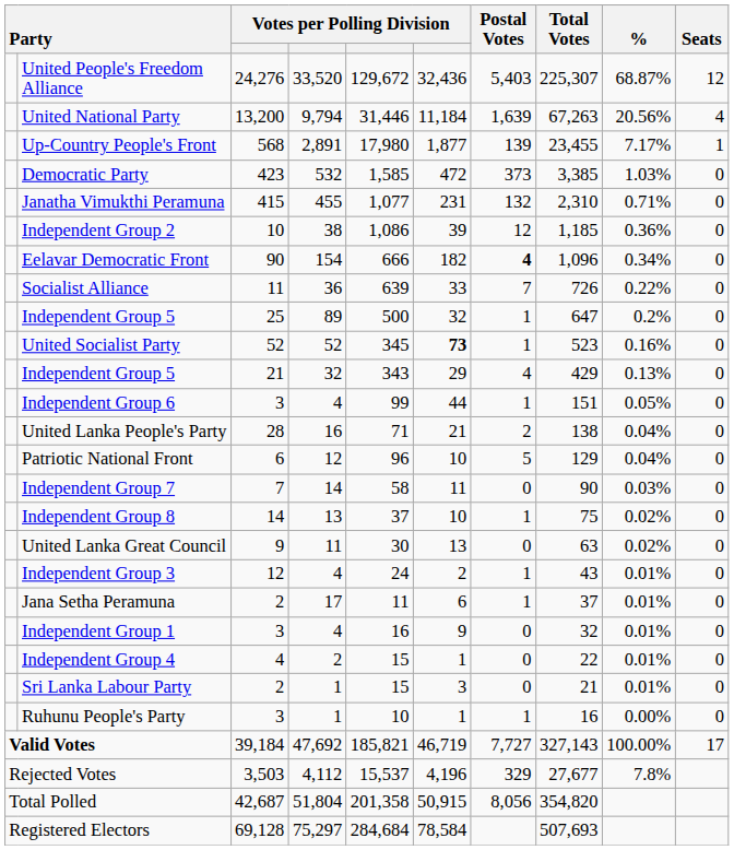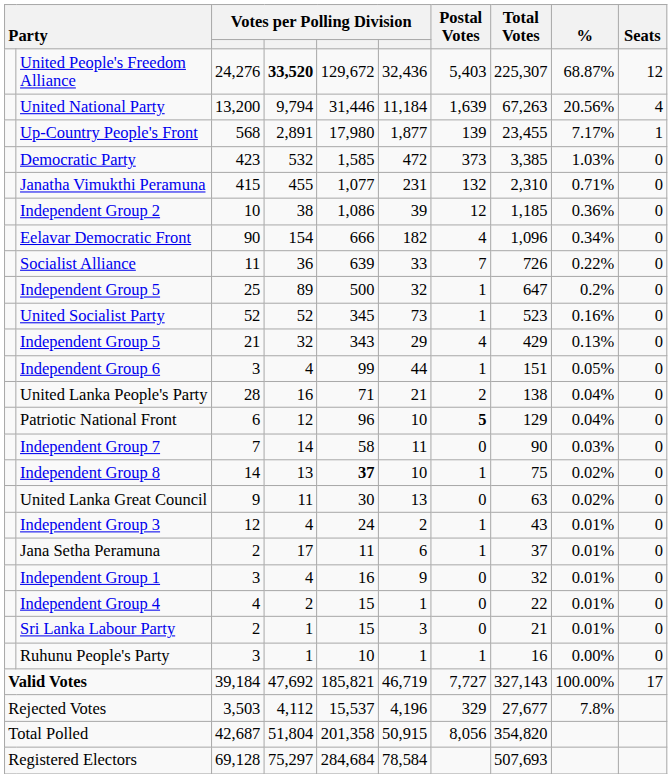 <table class="wikitable" border="1" style="text-align:right;">
 <tr>
 <th style="text-align:left; vertical-align:bottom;" rowspan="2" colspan="2">Party</th>
 <th colspan=4>Votes per Polling Division</th>
 <th rowspan="2" style="vertical-align:bottom; text-align:center; width:50px;">Postal<br>Votes</th>
 <th rowspan="2" style="vertical-align:bottom; text-align:center; width:50px;">Total Votes</th>
 <th rowspan="2" style="vertical-align:bottom; text-align:center; width:50px;">%</th>
 <th rowspan="2" style="vertical-align:bottom; text-align:center; width:40px;">Seats</th>
 </tr>
 <tr>
 <th></th>
 <th></th>
 <th></th>
 <th></th>
 </tr>
 <tr>
 <td bgcolor=> </td>
 <td align=left><a href='#'>United People's Freedom<br>Alliance</a></td>
 <td>24,276</td>
-<td>33,520</td>
+<td><strong>33,520</strong></td>
 <td>129,672</td>
 <td>32,436</td>
 <td>5,403</td>
 <td>225,307</td>
 <td>68.87%</td>
 <td>12</td>
 </tr>
 <tr>
 <td bgcolor=> </td>
 <td align=left><a href='#'>United National Party</a></td>
 <td>13,200</td>
 <td>9,794</td>
 <td>31,446</td>
 <td>11,184</td>
 <td>1,639</td>
 <td>67,263</td>
 <td>20.56%</td>
 <td>4</td>
 </tr>
 <tr>
 <td bgcolor=> </td>
 <td align=left><a href='#'>Up-Country People's Front</a></td>
 <td>568</td>
 <td>2,891</td>
 <td>17,980</td>
 <td>1,877</td>
 <td>139</td>
 <td>23,455</td>
 <td>7.17%</td>
 <td>1</td>
 </tr>
 <tr>
 <td bgcolor=> </td>
 <td align=left><a href='#'>Democratic Party</a></td>
 <td>423</td>
 <td>532</td>
 <td>1,585</td>
 <td>472</td>
 <td>373</td>
 <td>3,385</td>
 <td>1.03%</td>
 <td>0</td>
 </tr>
 <tr>
 <td bgcolor=> </td>
 <td align=left><a href='#'>Janatha Vimukthi Peramuna</a></td>
 <td>415</td>
 <td>455</td>
 <td>1,077</td>
 <td>231</td>
 <td>132</td>
 <td>2,310</td>
 <td>0.71%</td>
 <td>0</td>
 </tr>
 <tr>
 <td bgcolor=> </td>
 <td align=left><a href='#'>Independent Group 2</a></td>
 <td>10</td>
 <td>38</td>
 <td>1,086</td>
 <td>39</td>
 <td>12</td>
 <td>1,185</td>
 <td>0.36%</td>
 <td>0</td>
 </tr>
 <tr>
 <td bgcolor=> </td>
 <td align=left><a href='#'>Eelavar Democratic Front</a></td>
 <td>90</td>
 <td>154</td>
 <td>666</td>
 <td>182</td>
-<td><strong>4</strong></td>
+<td>4</td>
 <td>1,096</td>
 <td>0.34%</td>
 <td>0</td>
 </tr>
 <tr>
 <td bgcolor=> </td>
 <td align=left><a href='#'>Socialist Alliance</a></td>
 <td>11</td>
 <td>36</td>
 <td>639</td>
 <td>33</td>
 <td>7</td>
 <td>726</td>
 <td>0.22%</td>
 <td>0</td>
 </tr>
 <tr>
 <td bgcolor=> </td>
 <td align=left><a href='#'>Independent Group 5</a></td>
 <td>25</td>
 <td>89</td>
 <td>500</td>
 <td>32</td>
 <td>1</td>
 <td>647</td>
 <td>0.2%</td>
 <td>0</td>
 </tr>
 <tr>
 <td bgcolor=> </td>
 <td align=left><a href='#'>United Socialist Party</a></td>
 <td>52</td>
 <td>52</td>
 <td>345</td>
-<td><strong>73</strong></td>
+<td>73</td>
 <td>1</td>
 <td>523</td>
 <td>0.16%</td>
 <td>0</td>
 </tr>
 <tr>
 <td bgcolor=> </td>
 <td align=left><a href='#'>Independent Group 5</a></td>
 <td>21</td>
 <td>32</td>
 <td>343</td>
 <td>29</td>
 <td>4</td>
 <td>429</td>
 <td>0.13%</td>
 <td>0</td>
 </tr>
 <tr>
 <td bgcolor=> </td>
 <td align=left><a href='#'>Independent Group 6</a></td>
 <td>3</td>
 <td>4</td>
 <td>99</td>
 <td>44</td>
 <td>1</td>
 <td>151</td>
 <td>0.05%</td>
 <td>0</td>
 </tr>
 <tr>
 <td bgcolor=> </td>
 <td align=left>United Lanka People's Party</td>
 <td>28</td>
 <td>16</td>
 <td>71</td>
 <td>21</td>
 <td>2</td>
 <td>138</td>
 <td>0.04%</td>
 <td>0</td>
 </tr>
 <tr>
 <td bgcolor=> </td>
 <td align=left>Patriotic National Front</td>
 <td>6</td>
 <td>12</td>
 <td>96</td>
 <td>10</td>
-<td>5</td>
+<td><strong>5</strong></td>
 <td>129</td>
 <td>0.04%</td>
 <td>0</td>
 </tr>
 <tr>
 <td bgcolor=> </td>
 <td align=left><a href='#'>Independent Group 7</a></td>
 <td>7</td>
 <td>14</td>
 <td>58</td>
 <td>11</td>
 <td>0</td>
 <td>90</td>
 <td>0.03%</td>
 <td>0</td>
 </tr>
 <tr>
 <td bgcolor=> </td>
 <td align=left><a href='#'>Independent Group 8</a></td>
 <td>14</td>
 <td>13</td>
-<td>37</td>
+<td><strong>37</strong></td>
 <td>10</td>
 <td>1</td>
 <td>75</td>
 <td>0.02%</td>
 <td>0</td>
 </tr>
 <tr>
 <td bgcolor=> </td>
 <td align=left>United Lanka Great Council</td>
 <td>9</td>
 <td>11</td>
 <td>30</td>
 <td>13</td>
 <td>0</td>
 <td>63</td>
 <td>0.02%</td>
 <td>0</td>
 </tr>
 <tr>
 <td bgcolor=> </td>
 <td align=left><a href='#'>Independent Group 3</a></td>
 <td>12</td>
 <td>4</td>
 <td>24</td>
 <td>2</td>
 <td>1</td>
 <td>43</td>
 <td>0.01%</td>
 <td>0</td>
 </tr>
 <tr>
 <td bgcolor=> </td>
 <td align=left>Jana Setha Peramuna</td>
 <td>2</td>
 <td>17</td>
 <td>11</td>
 <td>6</td>
 <td>1</td>
 <td>37</td>
 <td>0.01%</td>
 <td>0</td>
 </tr>
 <tr>
 <td bgcolor=> </td>
 <td align=left><a href='#'>Independent Group 1</a></td>
 <td>3</td>
 <td>4</td>
 <td>16</td>
 <td>9</td>
 <td>0</td>
 <td>32</td>
 <td>0.01%</td>
 <td>0</td>
 </tr>
 <tr>
 <td bgcolor=> </td>
 <td align=left><a href='#'>Independent Group 4</a></td>
 <td>4</td>
 <td>2</td>
 <td>15</td>
 <td>1</td>
 <td>0</td>
 <td>22</td>
 <td>0.01%</td>
 <td>0</td>
 </tr>
 <tr>
 <td bgcolor=> </td>
 <td align=left><a href='#'>Sri Lanka Labour Party</a></td>
 <td>2</td>
 <td>1</td>
 <td>15</td>
 <td>3</td>
 <td>0</td>
 <td>21</td>
 <td>0.01%</td>
 <td>0</td>
 </tr>
 <tr>
 <td bgcolor=> </td>
 <td align=left>Ruhunu People's Party</td>
 <td>3</td>
 <td>1</td>
 <td>10</td>
 <td>1</td>
 <td>1</td>
 <td>16</td>
 <td>0.00%</td>
 <td>0</td>
 </tr>
 <tr>
 <td align=left colspan="2"><strong>Valid Votes</strong></td>
 <td>39,184</td>
 <td>47,692</td>
 <td>185,821</td>
 <td>46,719</td>
 <td>7,727</td>
 <td>327,143</td>
 <td>100.00%</td>
 <td>17</td>
 </tr>
 <tr>
 <td align=left colspan="2">Rejected Votes</td>
 <td>3,503</td>
 <td>4,112</td>
 <td>15,537</td>
 <td>4,196</td>
 <td>329</td>
 <td>27,677</td>
 <td>7.8%</td>
 <td></td>
 </tr>
 <tr>
 <td align=left colspan="2">Total Polled</td>
 <td>42,687</td>
 <td>51,804</td>
 <td>201,358</td>
 <td>50,915</td>
 <td>8,056</td>
 <td>354,820</td>
 <td></td>
 <td></td>
 </tr>
 <tr>
 <td align=left colspan="2">Registered Electors</td>
 <td>69,128</td>
 <td>75,297</td>
 <td>284,684</td>
 <td>78,584</td>
 <td></td>
 <td>507,693</td>
 <td></td>
 <td></td>
 </tr>
 </table>
